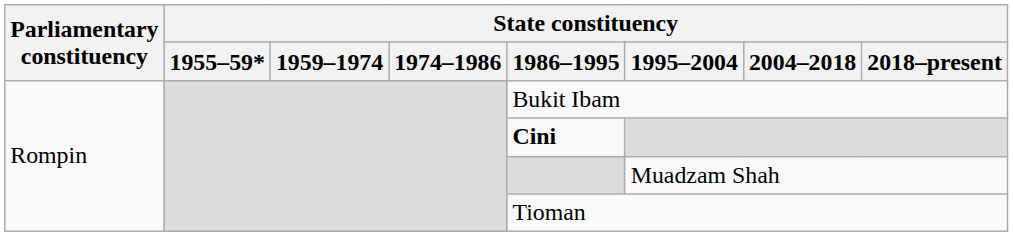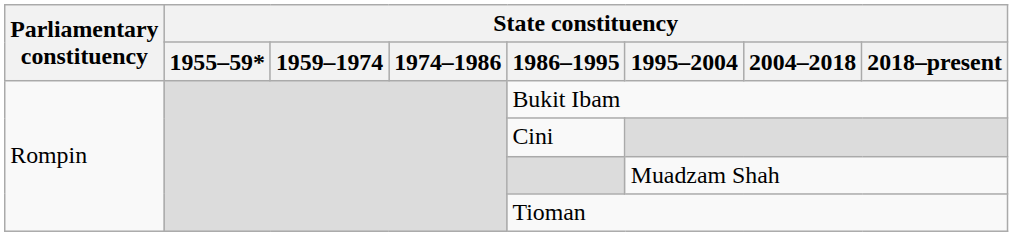 <table class="wikitable">
 <tr>
 <th rowspan="2">Parliamentary<br>constituency</th>
 <th colspan="7">State constituency</th>
 </tr>
 <tr>
 <th>1955–59*</th>
 <th>1959–1974</th>
 <th>1974–1986</th>
 <th>1986–1995</th>
 <th>1995–2004</th>
 <th>2004–2018</th>
 <th>2018–present</th>
 </tr>
 <tr>
 <td rowspan="4">Rompin</td>
 <td colspan="3" rowspan="4" bgcolor="dcdcdc"></td>
 <td colspan="4">Bukit Ibam</td>
 </tr>
 <tr>
-<td><strong>Cini</strong></td>
+<td>Cini</td>
 <td colspan="3" bgcolor="dcdcdc"></td>
 </tr>
 <tr>
 <td bgcolor="dcdcdc"></td>
 <td colspan="3">Muadzam Shah</td>
 </tr>
 <tr>
 <td colspan="4">Tioman</td>
 </tr>
 </table>
